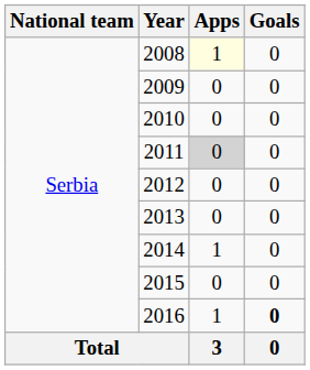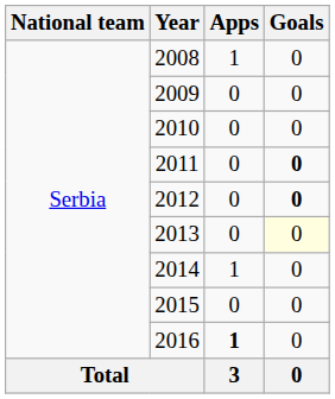 <table class="wikitable" style="text-align:center">
 <tr>
 <th>National team</th>
 <th>Year</th>
 <th>Apps</th>
 <th>Goals</th>
 </tr>
 <tr>
 <td rowspan="9" style="vertical-align:center"><a href='#'>Serbia</a></td>
 <td>2008</td>
-<td style="background: lightyellow;">1</td>
+<td>1</td>
 <td>0</td>
 </tr>
 <tr>
 <td>2009</td>
 <td>0</td>
 <td>0</td>
 </tr>
 <tr>
 <td>2010</td>
 <td>0</td>
 <td>0</td>
 </tr>
 <tr>
 <td>2011</td>
-<td style="background: lightgrey;">0</td>
 <td>0</td>
+<td><strong>0</strong></td>
 </tr>
 <tr>
 <td>2012</td>
 <td>0</td>
-<td>0</td>
+<td><strong>0</strong></td>
 </tr>
 <tr>
 <td>2013</td>
 <td>0</td>
-<td>0</td>
+<td style="background: lightyellow;">0</td>
 </tr>
 <tr>
 <td>2014</td>
 <td>1</td>
 <td>0</td>
 </tr>
 <tr>
 <td>2015</td>
 <td>0</td>
 <td>0</td>
 </tr>
 <tr>
 <td>2016</td>
-<td>1</td>
-<td><strong>0</strong></td>
+<td><strong>1</strong></td>
+<td>0</td>
 </tr>
 <tr>
 <th colspan="2">Total</th>
 <th>3</th>
 <th>0</th>
 </tr>
 </table>
